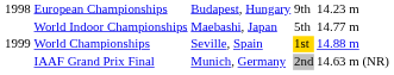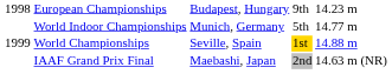 <table>
 <tr>
 <td>1998</td>
 <td><a href='#'>European Championships</a></td>
 <td><a href='#'>Budapest</a>, <a href='#'>Hungary</a></td>
 <td>9th</td>
 <td>14.23 m</td>
 </tr>
 <tr>
 <td rowspan=3>1999</td>
 <td><a href='#'>World Indoor Championships</a></td>
-<td><a href='#'>Maebashi</a>, <a href='#'>Japan</a></td>
+<td><a href='#'>Munich</a>, <a href='#'>Germany</a></td>
 <td>5th</td>
 <td>14.77 m</td>
 </tr>
 <tr>
 <td><a href='#'>World Championships</a></td>
 <td><a href='#'>Seville</a>, <a href='#'>Spain</a></td>
 <td bgcolor="gold">1st</td>
 <td><a href='#'>14.88 m</a></td>
 </tr>
 <tr>
 <td><a href='#'>IAAF Grand Prix Final</a></td>
-<td><a href='#'>Munich</a>, <a href='#'>Germany</a></td>
+<td><a href='#'>Maebashi</a>, <a href='#'>Japan</a></td>
 <td bgcolor="silver">2nd</td>
 <td>14.63 m (NR)</td>
 </tr>
 </table>
